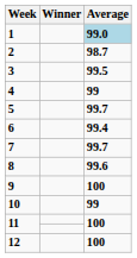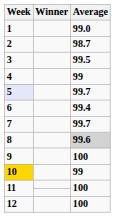 <table class=wikitable>
 <tr>
 <th>Week</th>
 <th>Winner</th>
 <th>Average</th>
 </tr>
 <tr>
 <td><strong>1</strong></td>
 <td></td>
-<td style="background: lightblue;"><strong>99.0</strong></td>
+<td><strong>99.0</strong></td>
 </tr>
 <tr>
 <td><strong>2</strong></td>
 <td></td>
 <td><strong>98.7</strong></td>
 </tr>
 <tr>
 <td><strong>3</strong></td>
 <td></td>
 <td><strong>99.5</strong></td>
 </tr>
 <tr>
 <td><strong>4</strong></td>
 <td></td>
 <td><strong>99</strong></td>
 </tr>
 <tr>
-<td><strong>5</strong></td>
+<td style="background: lavender;"><strong>5</strong></td>
 <td></td>
 <td><strong>99.7</strong></td>
 </tr>
 <tr>
 <td><strong>6</strong></td>
 <td></td>
 <td><strong>99.4</strong></td>
 </tr>
 <tr>
 <td><strong>7</strong></td>
 <td></td>
 <td><strong>99.7</strong></td>
 </tr>
 <tr>
 <td><strong>8</strong></td>
 <td></td>
-<td><strong>99.6</strong></td>
+<td style="background: lightgrey;"><strong>99.6</strong></td>
 </tr>
 <tr>
 <td><strong>9</strong></td>
 <td></td>
 <td><strong>100</strong></td>
 </tr>
 <tr>
-<td><strong>10</strong></td>
+<td style="background: gold;"><strong>10</strong></td>
 <td></td>
 <td><strong>99</strong></td>
 </tr>
 <tr>
 <td rowspan="2"><strong>11</strong></td>
 <td></td>
 <td rowspan="2"><strong>100</strong></td>
 </tr>
 <tr>
 <td></td>
 </tr>
 <tr>
 <td><strong>12</strong></td>
 <td></td>
 <td><strong>100</strong></td>
 </tr>
 </table>
